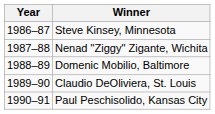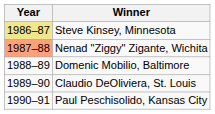 <table class="wikitable">
 <tr>
 <th>Year</th>
 <th>Winner</th>
 </tr>
 <tr>
-<td>1986–87</td>
+<td style="background: khaki;">1986–87</td>
 <td>Steve Kinsey, Minnesota</td>
 </tr>
 <tr>
-<td>1987–88</td>
+<td style="background: lightsalmon;">1987–88</td>
 <td>Nenad "Ziggy" Zigante, Wichita</td>
 </tr>
 <tr>
 <td>1988–89</td>
 <td>Domenic Mobilio, Baltimore</td>
 </tr>
 <tr>
 <td>1989–90</td>
 <td>Claudio DeOliviera, St. Louis</td>
 </tr>
 <tr>
 <td>1990–91</td>
 <td>Paul Peschisolido, Kansas City</td>
 </tr>
 </table>
